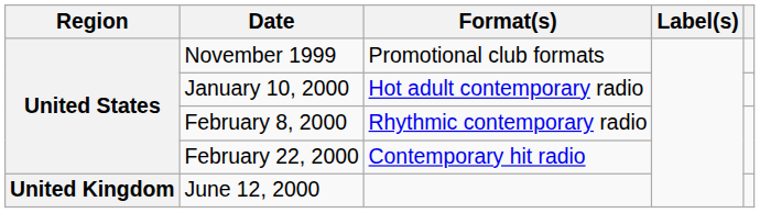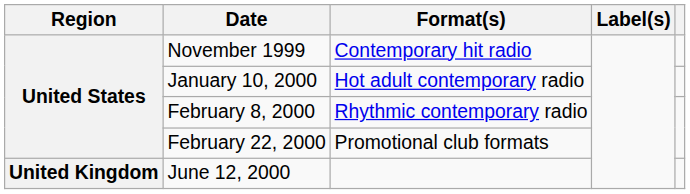 <table class="wikitable plainrowheaders">
 <tr>
 <th scope="col">Region</th>
 <th scope="col">Date</th>
 <th scope="col">Format(s)</th>
 <th scope="col">Label(s)</th>
 <th scope="col"></th>
 </tr>
 <tr>
 <th scope="row" rowspan="4">United States</th>
 <td>November 1999</td>
-<td>Promotional club formats</td>
+<td><a href='#'>Contemporary hit radio</a></td>
 <td rowspan="5"></td>
 <td></td>
 </tr>
 <tr>
 <td>January 10, 2000</td>
 <td><a href='#'>Hot adult contemporary</a> radio</td>
 <td></td>
 </tr>
 <tr>
 <td>February 8, 2000</td>
 <td><a href='#'>Rhythmic contemporary</a> radio</td>
 <td rowspan="2"></td>
 </tr>
 <tr>
 <td>February 22, 2000</td>
-<td><a href='#'>Contemporary hit radio</a></td>
+<td>Promotional club formats</td>
 </tr>
 <tr>
 <th scope="row">United Kingdom</th>
 <td>June 12, 2000</td>
 <td></td>
 <td></td>
 </tr>
 </table>
